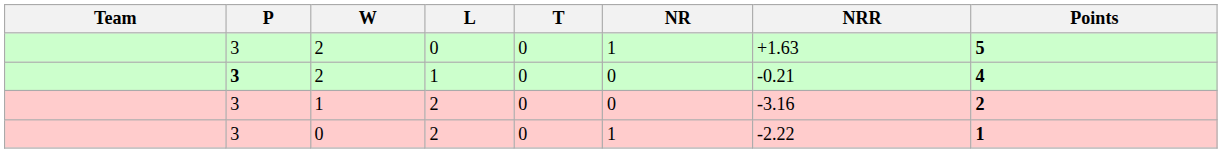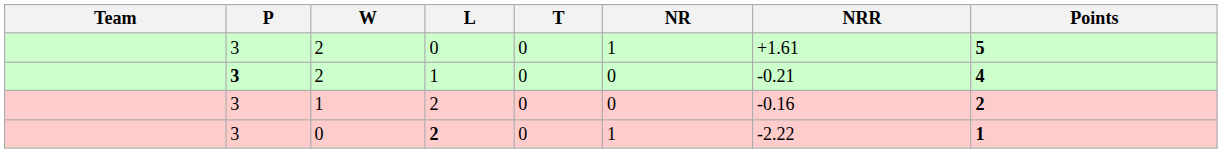 <table class="wikitable" width="85%">
 <tr>
 <th>Team</th>
 <th>P</th>
 <th>W</th>
 <th>L</th>
 <th>T</th>
 <th>NR</th>
 <th>NRR</th>
 <th>Points</th>
 </tr>
 <tr bgcolor="ccffcc">
 <td align="left"></td>
 <td>3</td>
 <td>2</td>
 <td>0</td>
 <td>0</td>
 <td>1</td>
-<td>+1.63</td>
+<td>+1.61</td>
 <td><strong>5</strong></td>
 </tr>
 <tr bgcolor="ccffcc">
 <td align="left"></td>
 <td><strong>3</strong></td>
 <td>2</td>
 <td>1</td>
 <td>0</td>
 <td>0</td>
 <td>-0.21</td>
 <td><strong>4</strong></td>
 </tr>
 <tr bgcolor="ffcccc">
 <td align="left"></td>
 <td>3</td>
 <td>1</td>
 <td>2</td>
 <td>0</td>
 <td>0</td>
-<td>-3.16</td>
+<td>-0.16</td>
 <td><strong>2</strong></td>
 </tr>
 <tr bgcolor="ffcccc">
 <td align="left"></td>
 <td>3</td>
 <td>0</td>
-<td>2</td>
+<td><strong>2</strong></td>
 <td>0</td>
 <td>1</td>
 <td>-2.22</td>
 <td><strong>1</strong></td>
 </tr>
 </table>
